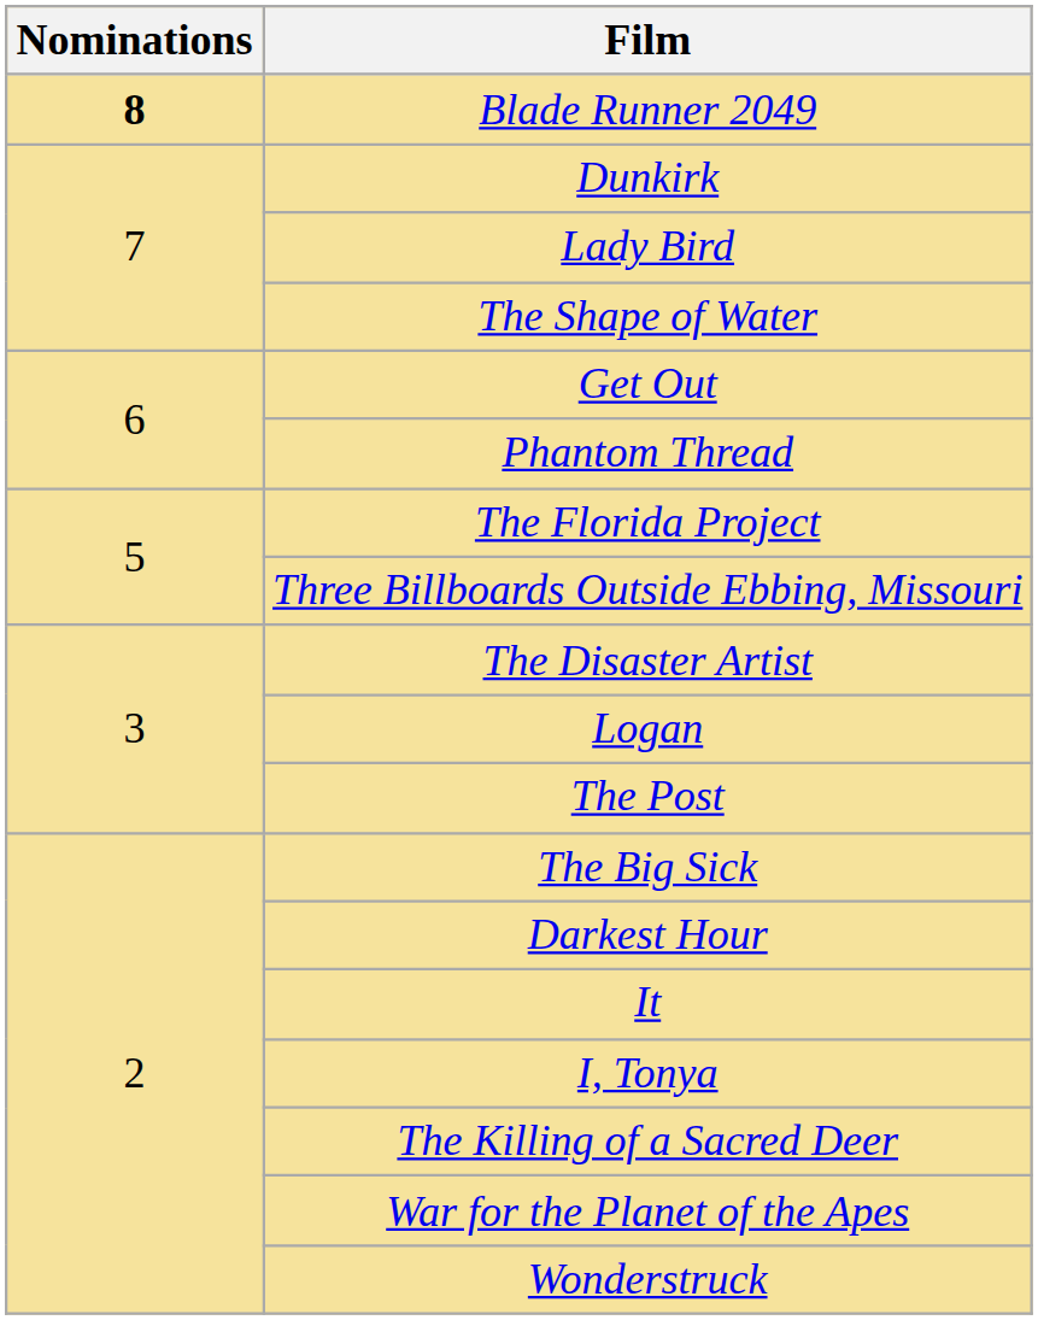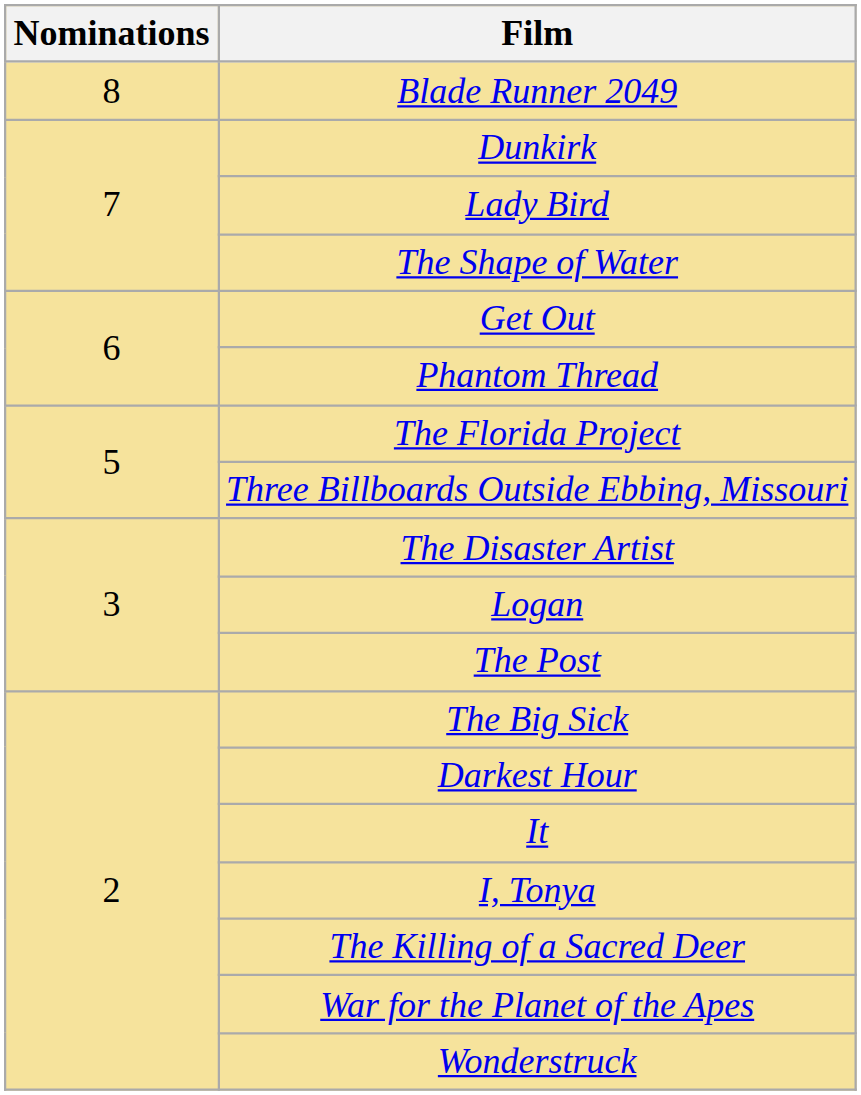 <table class="wikitable plainrowheaders" rowspan=2 style="text-align: center; background: #f6e39c">
 <tr>
 <th scope="col" width="55">Nominations</th>
 <th scope="col" align="center">Film</th>
 </tr>
 <tr>
-<td><strong>8</strong></td>
+<td>8</td>
 <td><em><a href='#'>Blade Runner 2049</a></em></td>
 </tr>
 <tr>
 <td rowspan="3">7</td>
 <td><em><a href='#'>Dunkirk</a></em></td>
 </tr>
 <tr>
 <td><em><a href='#'>Lady Bird</a></em></td>
 </tr>
 <tr>
 <td><em><a href='#'>The Shape of Water</a></em></td>
 </tr>
 <tr>
 <td rowspan="2">6</td>
 <td><em><a href='#'>Get Out</a></em></td>
 </tr>
 <tr>
 <td><em><a href='#'>Phantom Thread</a></em></td>
 </tr>
 <tr>
 <td rowspan="2">5</td>
 <td><em><a href='#'>The Florida Project</a></em></td>
 </tr>
 <tr>
 <td><em><a href='#'>Three Billboards Outside Ebbing, Missouri</a></em></td>
 </tr>
 <tr>
 <td rowspan="3">3</td>
 <td><em><a href='#'>The Disaster Artist</a></em></td>
 </tr>
 <tr>
 <td><em><a href='#'>Logan</a></em></td>
 </tr>
 <tr>
 <td><em><a href='#'>The Post</a></em></td>
 </tr>
 <tr>
 <td rowspan="7">2</td>
 <td><em><a href='#'>The Big Sick</a></em></td>
 </tr>
 <tr>
 <td><em><a href='#'>Darkest Hour</a></em></td>
 </tr>
 <tr>
 <td><em><a href='#'>It</a></em></td>
 </tr>
 <tr>
 <td><em><a href='#'>I, Tonya</a></em></td>
 </tr>
 <tr>
 <td><em><a href='#'>The Killing of a Sacred Deer</a></em></td>
 </tr>
 <tr>
 <td><em><a href='#'>War for the Planet of the Apes</a></em></td>
 </tr>
 <tr>
 <td><em><a href='#'>Wonderstruck</a></em></td>
 </tr>
 </table>
